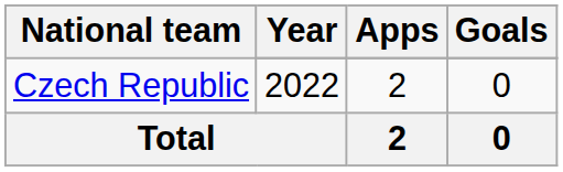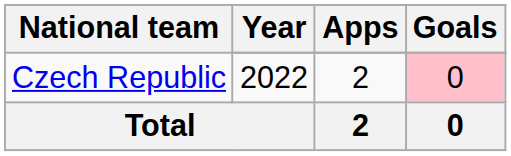 <table class="wikitable" style="text-align:center">
 <tr>
 <th>National team</th>
 <th>Year</th>
 <th>Apps</th>
 <th>Goals</th>
 </tr>
 <tr>
 <td rowspan=2><a href='#'>Czech Republic</a></td>
 </tr>
 <tr>
 <td>2022</td>
 <td>2</td>
-<td>0</td>
+<td style="background: pink;">0</td>
 </tr>
 <tr>
 <th colspan="2">Total</th>
 <th>2</th>
 <th>0</th>
 </tr>
 </table>
